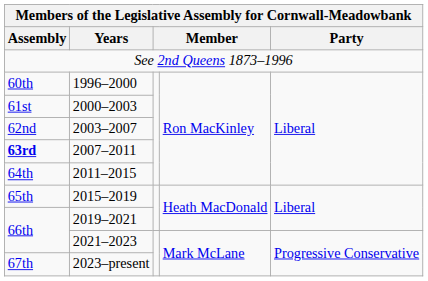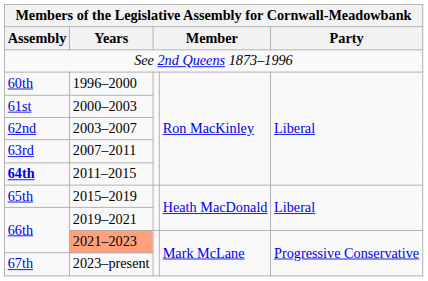 <table class="wikitable" align=centre>
 <tr>
 <th colspan=5>Members of the Legislative Assembly for Cornwall-Meadowbank</th>
 </tr>
 <tr>
 <th>Assembly</th>
 <th>Years</th>
 <th colspan="2">Member</th>
 <th>Party</th>
 </tr>
 <tr>
 <td align="center" colspan=5><em>See <a href='#'>2nd Queens</a> 1873–1996</em></td>
 </tr>
 <tr>
 <td><a href='#'>60th</a></td>
 <td>1996–2000</td>
 <td rowspan=5 ></td>
 <td rowspan=5><a href='#'>Ron MacKinley</a></td>
 <td rowspan=5><a href='#'>Liberal</a></td>
 </tr>
 <tr>
 <td><a href='#'>61st</a></td>
 <td>2000–2003</td>
 </tr>
 <tr>
 <td><a href='#'>62nd</a></td>
 <td>2003–2007</td>
 </tr>
 <tr>
-<td><strong><a href='#'>63rd</a></strong></td>
+<td><a href='#'>63rd</a></td>
 <td>2007–2011</td>
 </tr>
 <tr>
-<td><a href='#'>64th</a></td>
+<td><strong><a href='#'>64th</a></strong></td>
 <td>2011–2015</td>
 </tr>
 <tr>
 <td><a href='#'>65th</a></td>
 <td>2015–2019</td>
 <td rowspan=2 ></td>
 <td rowspan=2><a href='#'>Heath MacDonald</a></td>
 <td rowspan=2><a href='#'>Liberal</a></td>
 </tr>
 <tr>
 <td rowspan=2><a href='#'>66th</a></td>
 <td>2019–2021</td>
 </tr>
 <tr>
-<td>2021–2023</td>
+<td style="background: lightsalmon;">2021–2023</td>
 <td rowspan=2 ></td>
 <td rowspan=2><a href='#'>Mark McLane</a></td>
 <td rowspan=2><a href='#'>Progressive Conservative</a></td>
 </tr>
 <tr>
 <td><a href='#'>67th</a></td>
 <td>2023–present</td>
 </tr>
 </table>
